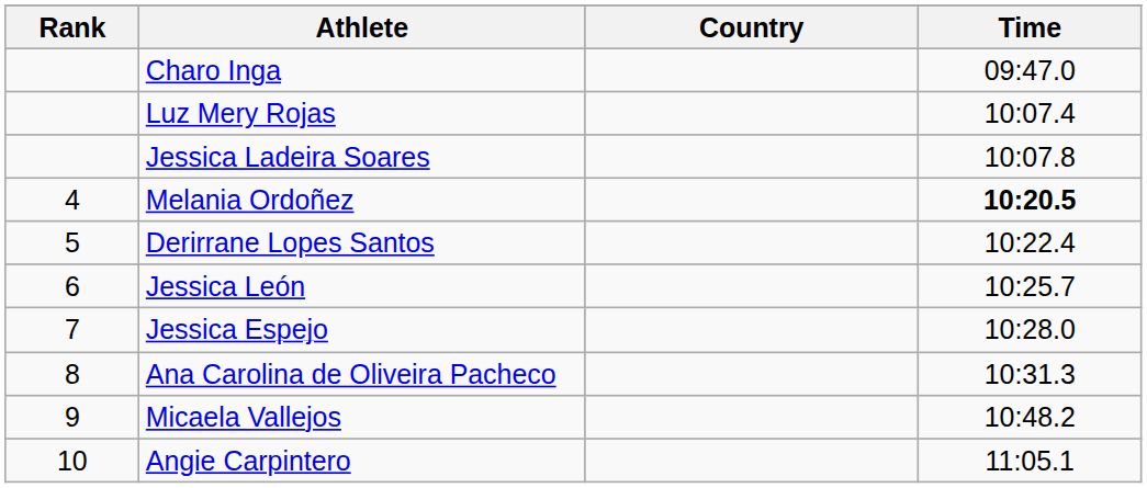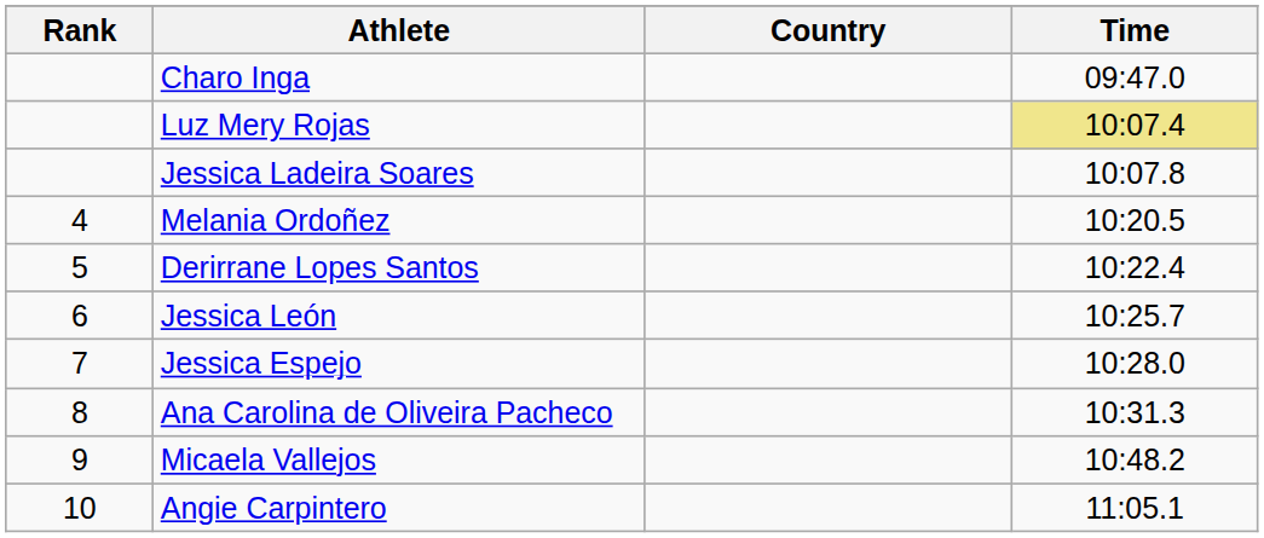 <table class="wikitable sortable" style=" text-align:center; font-size:95%;" width="50%">
 <tr>
 </tr>
 <tr>
 <th width=5%>Rank</th>
 <th width=20%>Athlete</th>
 <th width=15%>Country</th>
 <th width=10%>Time</th>
 </tr>
 <tr>
 <td align=center></td>
 <td align=left><a href='#'>Charo Inga</a></td>
 <td align=left></td>
 <td>09:47.0</td>
 </tr>
 <tr>
 <td align=center></td>
 <td align=left><a href='#'>Luz Mery Rojas</a></td>
 <td align=left></td>
-<td>10:07.4</td>
+<td style="background: khaki;">10:07.4</td>
 </tr>
 <tr>
 <td align=center></td>
 <td align=left><a href='#'>Jessica Ladeira Soares</a></td>
 <td align=left></td>
 <td>10:07.8</td>
 </tr>
 <tr>
 <td align=center>4</td>
 <td align=left><a href='#'>Melania Ordoñez</a></td>
 <td align=left></td>
-<td><strong>10:20.5</strong></td>
+<td>10:20.5</td>
 </tr>
 <tr>
 <td align=center>5</td>
 <td align=left><a href='#'>Derirrane Lopes Santos</a></td>
 <td align=left></td>
 <td>10:22.4</td>
 </tr>
 <tr>
 <td align=center>6</td>
 <td align=left><a href='#'>Jessica León</a></td>
 <td align=left></td>
 <td>10:25.7</td>
 </tr>
 <tr>
 <td align=center>7</td>
 <td align=left><a href='#'>Jessica Espejo</a></td>
 <td align=left></td>
 <td>10:28.0</td>
 </tr>
 <tr>
 <td align=center>8</td>
 <td align=left><a href='#'>Ana Carolina de Oliveira Pacheco</a></td>
 <td align=left></td>
 <td>10:31.3</td>
 </tr>
 <tr>
 <td align=center>9</td>
 <td align=left><a href='#'>Micaela Vallejos</a></td>
 <td align=left></td>
 <td>10:48.2</td>
 </tr>
 <tr>
 <td align=center>10</td>
 <td align=left><a href='#'>Angie Carpintero</a></td>
 <td align=left></td>
 <td>11:05.1</td>
 </tr>
 </table>
